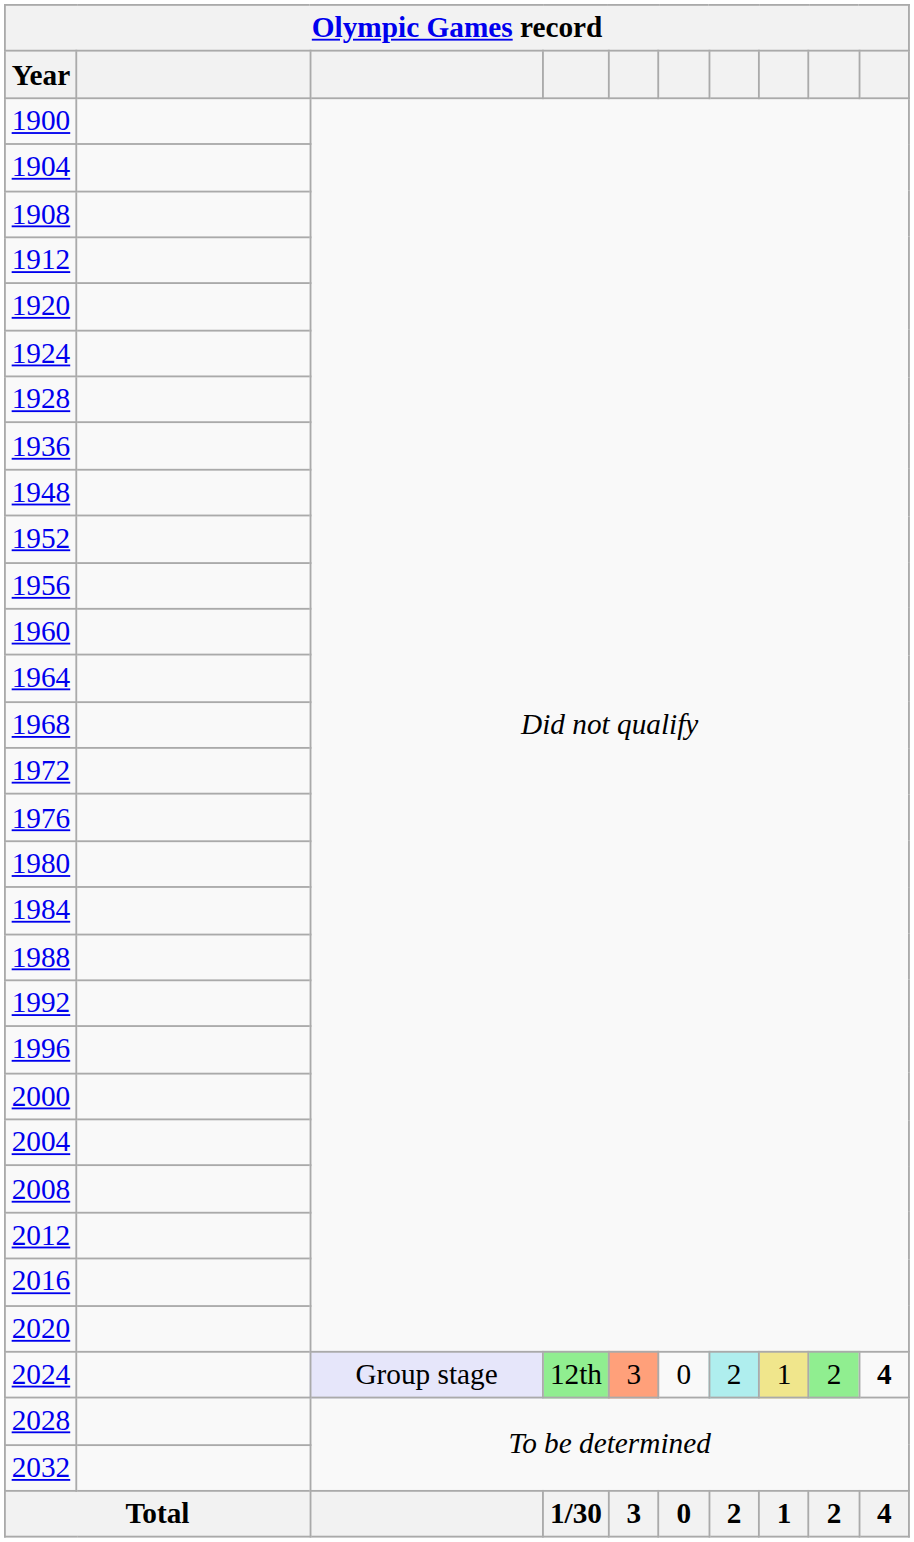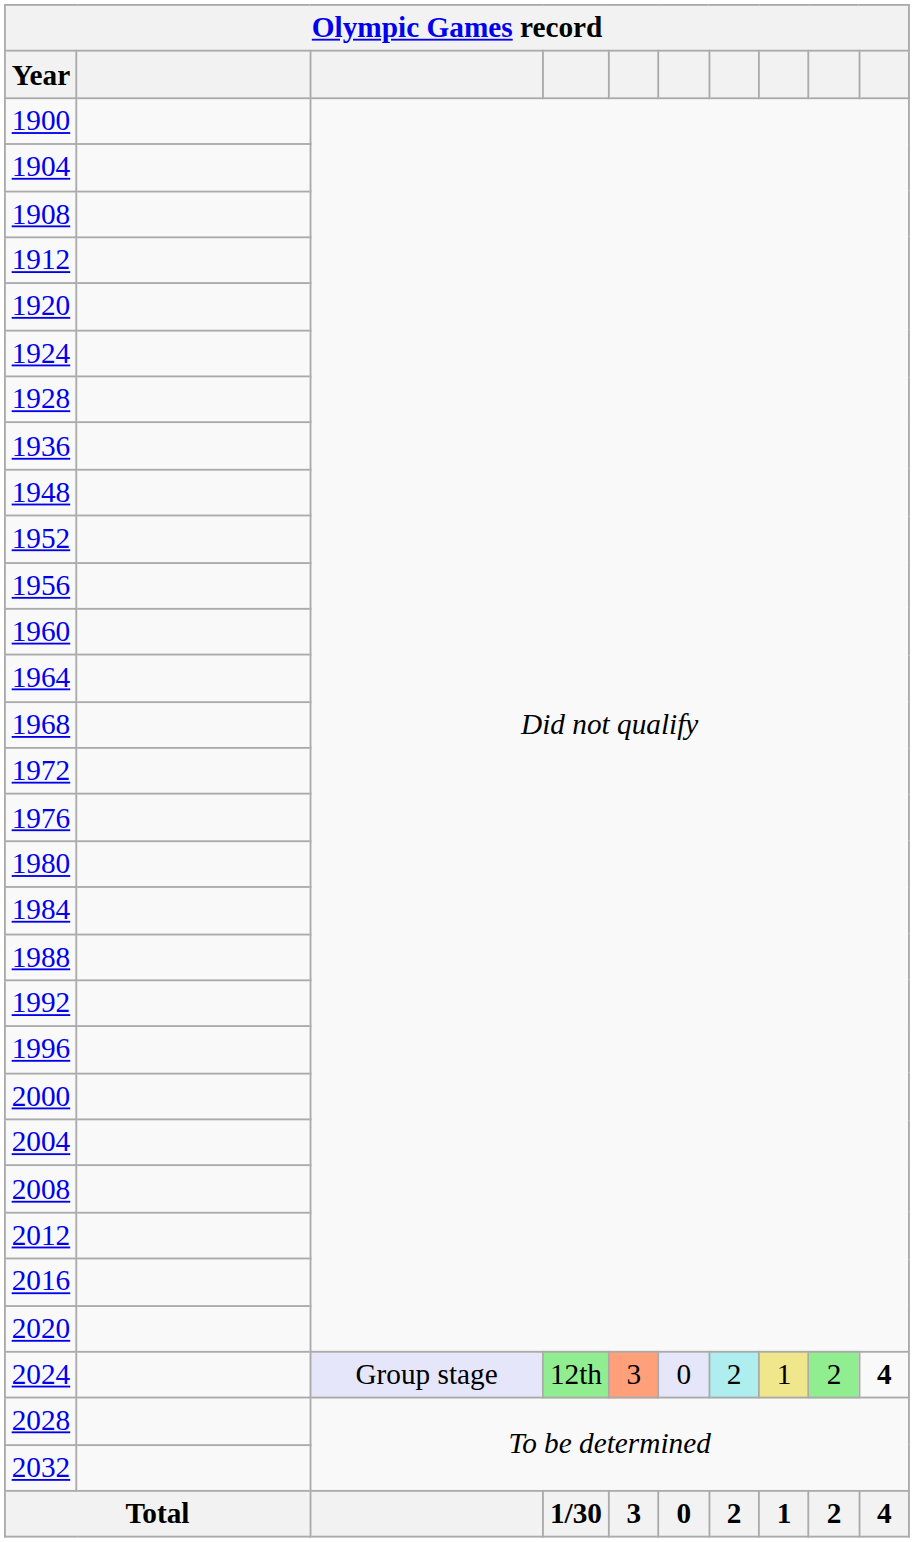 <table class="wikitable" style="text-align: center;">
 <tr>
 <th colspan=11><a href='#'>Olympic Games</a> record</th>
 </tr>
 <tr>
 <th width=>Year</th>
 <th width=120px></th>
 <th width=120px></th>
 <th width=></th>
 <th width=20px></th>
 <th width=20px></th>
 <th width=20px></th>
 <th width=20px></th>
 <th width=20px></th>
 <th width=20px></th>
 </tr>
 <tr>
 <td><a href='#'>1900</a></td>
 <td></td>
 <td rowspan=27 colspan=8><em>Did not qualify</em></td>
 </tr>
 <tr>
 <td><a href='#'>1904</a></td>
 <td></td>
 </tr>
 <tr>
 <td><a href='#'>1908</a></td>
 <td></td>
 </tr>
 <tr>
 <td><a href='#'>1912</a></td>
 <td></td>
 </tr>
 <tr>
 <td><a href='#'>1920</a></td>
 <td></td>
 </tr>
 <tr>
 <td><a href='#'>1924</a></td>
 <td></td>
 </tr>
 <tr>
 <td><a href='#'>1928</a></td>
 <td></td>
 </tr>
 <tr>
 <td><a href='#'>1936</a></td>
 <td></td>
 </tr>
 <tr>
 <td><a href='#'>1948</a></td>
 <td></td>
 </tr>
 <tr>
 <td><a href='#'>1952</a></td>
 <td></td>
 </tr>
 <tr>
 <td><a href='#'>1956</a></td>
 <td></td>
 </tr>
 <tr>
 <td><a href='#'>1960</a></td>
 <td></td>
 </tr>
 <tr>
 <td><a href='#'>1964</a></td>
 <td></td>
 </tr>
 <tr>
 <td><a href='#'>1968</a></td>
 <td></td>
 </tr>
 <tr>
 <td><a href='#'>1972</a></td>
 <td></td>
 </tr>
 <tr>
 <td><a href='#'>1976</a></td>
 <td></td>
 </tr>
 <tr>
 <td><a href='#'>1980</a></td>
 <td></td>
 </tr>
 <tr>
 <td><a href='#'>1984</a></td>
 <td></td>
 </tr>
 <tr>
 <td><a href='#'>1988</a></td>
 <td></td>
 </tr>
 <tr>
 <td><a href='#'>1992</a></td>
 <td></td>
 </tr>
 <tr>
 <td><a href='#'>1996</a></td>
 <td></td>
 </tr>
 <tr>
 <td><a href='#'>2000</a></td>
 <td></td>
 </tr>
 <tr>
 <td><a href='#'>2004</a></td>
 <td></td>
 </tr>
 <tr>
 <td><a href='#'>2008</a></td>
 <td></td>
 </tr>
 <tr>
 <td><a href='#'>2012</a></td>
 <td></td>
 </tr>
 <tr>
 <td><a href='#'>2016</a></td>
 <td></td>
 </tr>
 <tr>
 <td><a href='#'>2020</a></td>
 <td></td>
 </tr>
 <tr>
 <td><a href='#'>2024</a></td>
 <td></td>
 <td style="background: lavender;">Group stage</td>
 <td style="background: lightgreen;">12th</td>
 <td style="background: lightsalmon;">3</td>
-<td>0</td>
+<td style="background: lavender;">0</td>
 <td style="background: paleturquoise;">2</td>
 <td style="background: khaki;">1</td>
 <td style="background: lightgreen;">2</td>
 <td><strong>4</strong></td>
 </tr>
 <tr>
 <td><a href='#'>2028</a></td>
 <td></td>
 <td colspan="8" rowspan="2"><em>To be determined</em></td>
 </tr>
 <tr>
 <td><a href='#'>2032</a></td>
 <td></td>
 </tr>
 <tr>
 <th colspan=2>Total</th>
 <th></th>
 <th>1/30</th>
 <th>3</th>
 <th>0</th>
 <th>2</th>
 <th>1</th>
 <th>2</th>
 <th>4</th>
 </tr>
 </table>
